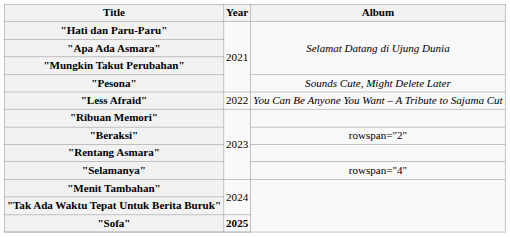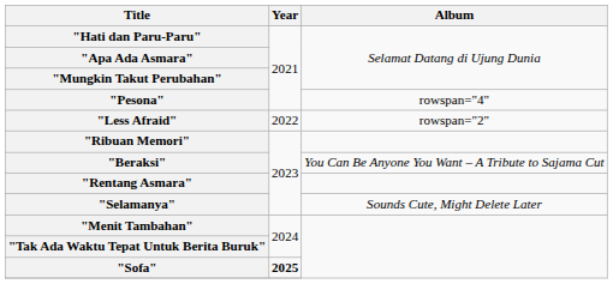 <table class="wikitable plainrowheaders" style="text-align:center">
 <tr>
 <th scope="col">Title</th>
 <th>Year</th>
 <th scope="col">Album</th>
 </tr>
 <tr>
 <th scope="row">"Hati dan Paru-Paru"</th>
 <td rowspan="4">2021</td>
 <td rowspan="3"><em>Selamat Datang di Ujung Dunia</em></td>
 </tr>
 <tr>
 <th scope="row">"Apa Ada Asmara"</th>
 </tr>
 <tr>
 <th scope="row">"Mungkin Takut Perubahan"</th>
 </tr>
 <tr>
 <th scope="row">"Pesona"</th>
-<td><em>Sounds Cute, Might Delete Later</em></td>
+<td>rowspan="4" </td>
 </tr>
 <tr>
 <th scope="row">"Less Afraid"</th>
 <td>2022</td>
-<td><em>You Can Be Anyone You Want – A Tribute to Sajama Cut</em></td>
+<td>rowspan="2" </td>
 </tr>
 <tr>
 <th scope="row">"Ribuan Memori"</th>
 <td rowspan="4">2023</td>
 <td></td>
 </tr>
 <tr>
 <th scope="row">"Beraksi"<br></th>
-<td>rowspan="2" </td>
+<td><em>You Can Be Anyone You Want – A Tribute to Sajama Cut</em></td>
 </tr>
 <tr>
 <th scope="row">"Rentang Asmara"<br></th>
 </tr>
 <tr>
 <th scope="row">"Selamanya"</th>
-<td>rowspan="4" </td>
+<td><em>Sounds Cute, Might Delete Later</em></td>
 </tr>
 <tr>
 <th scope="row">"Menit Tambahan"</th>
 <td rowspan="2">2024</td>
 </tr>
 <tr>
 <th scope="row">"Tak Ada Waktu Tepat Untuk Berita Buruk"</th>
 </tr>
 <tr>
 <th scope="row">"Sofa"</th>
 <td><strong>2025</strong></td>
 </tr>
 <tr>
 </tr>
 </table>
